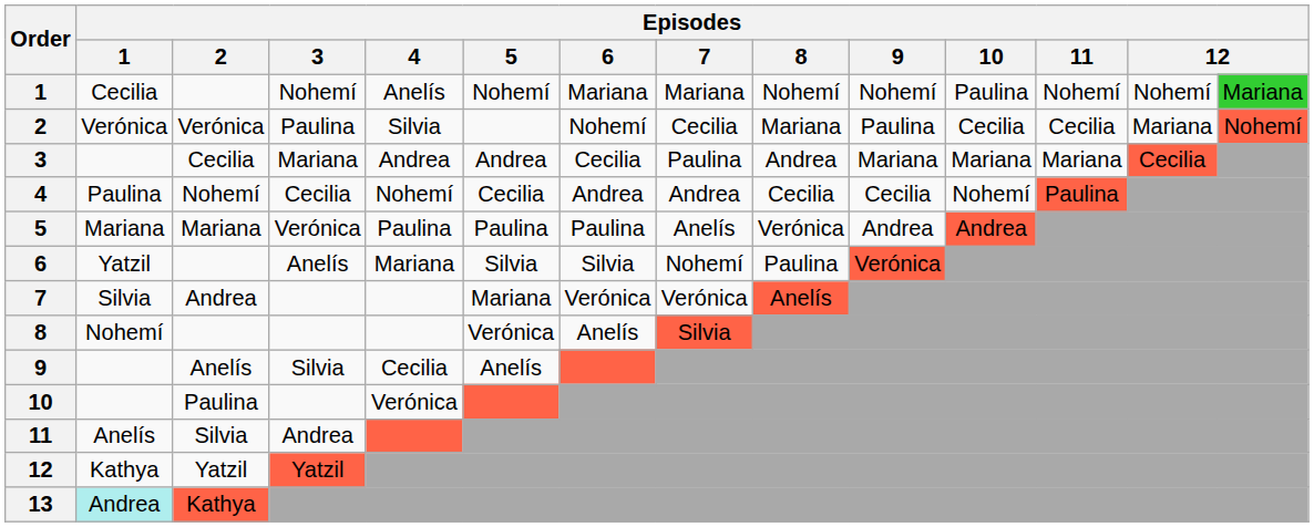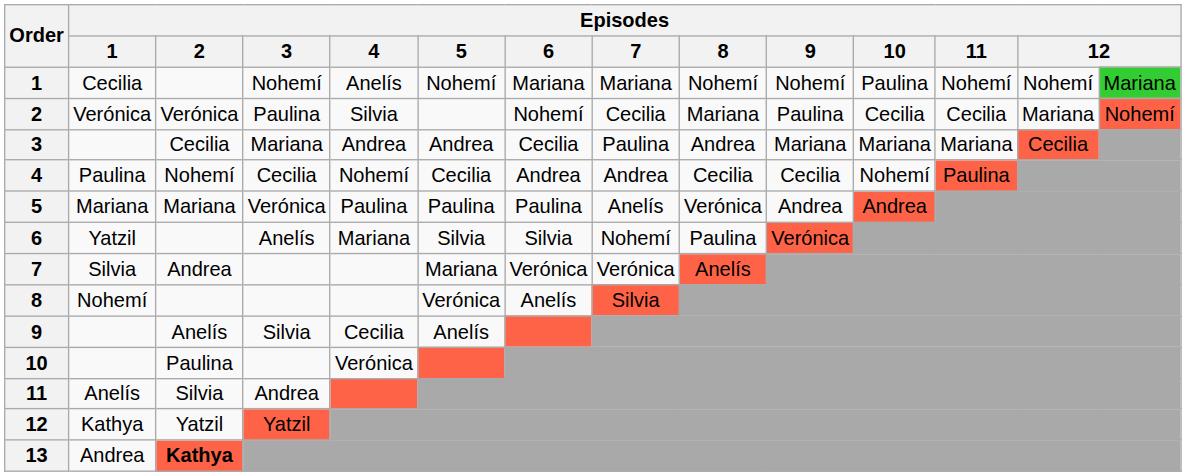 <table class="wikitable" style="text-align:center; font-size:92%">
 <tr>
 <th rowspan=2>Order</th>
 <th colspan=13>Episodes</th>
 </tr>
 <tr>
 <th>1</th>
 <th>2</th>
 <th>3</th>
 <th>4</th>
 <th>5</th>
 <th>6</th>
 <th>7</th>
 <th>8</th>
 <th>9</th>
 <th>10</th>
 <th>11</th>
 <th colspan=2>12</th>
 </tr>
 <tr>
 <th>1</th>
 <td>Cecilia</td>
 <td></td>
 <td>Nohemí</td>
 <td>Anelís</td>
 <td>Nohemí</td>
 <td>Mariana</td>
 <td>Mariana</td>
 <td>Nohemí</td>
 <td>Nohemí</td>
 <td>Paulina</td>
 <td>Nohemí</td>
 <td>Nohemí</td>
 <td bgcolor="limegreen">Mariana</td>
 </tr>
 <tr>
 <th>2</th>
 <td>Verónica</td>
 <td>Verónica</td>
 <td>Paulina</td>
 <td>Silvia</td>
 <td></td>
 <td>Nohemí</td>
 <td>Cecilia</td>
 <td>Mariana</td>
 <td>Paulina</td>
 <td>Cecilia</td>
 <td>Cecilia</td>
 <td>Mariana</td>
 <td bgcolor="tomato">Nohemí</td>
 </tr>
 <tr>
 <th>3</th>
 <td></td>
 <td>Cecilia</td>
 <td>Mariana</td>
 <td>Andrea</td>
 <td>Andrea</td>
 <td>Cecilia</td>
 <td>Paulina</td>
 <td>Andrea</td>
 <td>Mariana</td>
 <td>Mariana</td>
 <td>Mariana</td>
 <td bgcolor="tomato">Cecilia</td>
 <td bgcolor="A9A9A9"></td>
 </tr>
 <tr>
 <th>4</th>
 <td>Paulina</td>
 <td>Nohemí</td>
 <td>Cecilia</td>
 <td>Nohemí</td>
 <td>Cecilia</td>
 <td>Andrea</td>
 <td>Andrea</td>
 <td>Cecilia</td>
 <td>Cecilia</td>
 <td>Nohemí</td>
 <td bgcolor="tomato">Paulina</td>
 <td colspan=2 bgcolor="A9A9A9"></td>
 </tr>
 <tr>
 <th>5</th>
 <td>Mariana</td>
 <td>Mariana</td>
 <td>Verónica</td>
 <td>Paulina</td>
 <td>Paulina</td>
 <td>Paulina</td>
 <td>Anelís</td>
 <td>Verónica</td>
 <td>Andrea</td>
 <td bgcolor="tomato">Andrea</td>
 <td colspan=3 bgcolor="A9A9A9"></td>
 </tr>
 <tr>
 <th>6</th>
 <td>Yatzil</td>
 <td></td>
 <td>Anelís</td>
 <td>Mariana</td>
 <td>Silvia</td>
 <td>Silvia</td>
 <td>Nohemí</td>
 <td>Paulina</td>
 <td bgcolor="tomato">Verónica</td>
 <td colspan=4 bgcolor="A9A9A9"></td>
 </tr>
 <tr>
 <th>7</th>
 <td>Silvia</td>
 <td>Andrea</td>
 <td></td>
 <td></td>
 <td>Mariana</td>
 <td>Verónica</td>
 <td>Verónica</td>
 <td bgcolor="tomato">Anelís</td>
 <td colspan=5 bgcolor="A9A9A9"></td>
 </tr>
 <tr>
 <th>8</th>
 <td>Nohemí</td>
 <td></td>
 <td></td>
 <td></td>
 <td>Verónica</td>
 <td>Anelís</td>
 <td bgcolor="tomato">Silvia</td>
 <td colspan=6 bgcolor="A9A9A9"></td>
 </tr>
 <tr>
 <th>9</th>
 <td></td>
 <td>Anelís</td>
 <td>Silvia</td>
 <td>Cecilia</td>
 <td>Anelís</td>
 <td bgcolor="tomato"></td>
 <td colspan=7 bgcolor="A9A9A9"></td>
 </tr>
 <tr>
 <th>10</th>
 <td></td>
 <td>Paulina</td>
 <td></td>
 <td>Verónica</td>
 <td bgcolor="tomato"></td>
 <td colspan=8 bgcolor="A9A9A9"></td>
 </tr>
 <tr>
 <th>11</th>
 <td>Anelís</td>
 <td>Silvia</td>
 <td>Andrea</td>
 <td bgcolor="tomato"></td>
 <td colspan=9 bgcolor="A9A9A9"></td>
 </tr>
 <tr>
 <th>12</th>
 <td>Kathya</td>
 <td>Yatzil</td>
 <td bgcolor="tomato">Yatzil</td>
 <td colspan=10 bgcolor="A9A9A9"></td>
 </tr>
 <tr>
 <th>13</th>
-<td style="background: paleturquoise;">Andrea</td>
-<td bgcolor="tomato">Kathya</td>
+<td>Andrea</td>
+<td bgcolor="tomato"><strong>Kathya</strong></td>
 <td colspan=11 bgcolor="A9A9A9"></td>
 </tr>
 </table>
